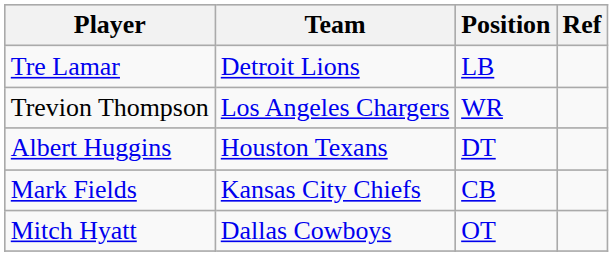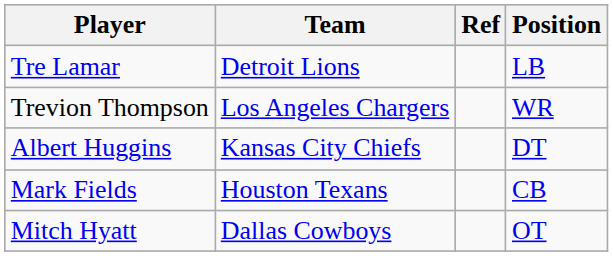 <table class="wikitable">
 <tr>
 <th>Player</th>
 <th>Team</th>
+<th>Ref</th>
 <th>Position</th>
-<th>Ref</th>
 </tr>
 <tr>
 <td><a href='#'>Tre Lamar</a></td>
 <td><a href='#'>Detroit Lions</a></td>
+<td></td>
 <td><a href='#'>LB</a></td>
-<td></td>
 </tr>
 <tr>
 <td>Trevion Thompson</td>
 <td><a href='#'>Los Angeles Chargers</a></td>
+<td></td>
 <td><a href='#'>WR</a></td>
-<td></td>
 </tr>
 <tr>
 <td><a href='#'>Albert Huggins</a></td>
-<td><a href='#'>Houston Texans</a></td>
+<td><a href='#'>Kansas City Chiefs</a></td>
+<td></td>
 <td><a href='#'>DT</a></td>
-<td></td>
 </tr>
 <tr>
 <td><a href='#'>Mark Fields</a></td>
-<td><a href='#'>Kansas City Chiefs</a></td>
+<td><a href='#'>Houston Texans</a></td>
+<td></td>
 <td><a href='#'>CB</a></td>
-<td></td>
 </tr>
 <tr>
 <td><a href='#'>Mitch Hyatt</a></td>
 <td><a href='#'>Dallas Cowboys</a></td>
+<td></td>
 <td><a href='#'>OT</a></td>
-<td></td>
 </tr>
 </table>
